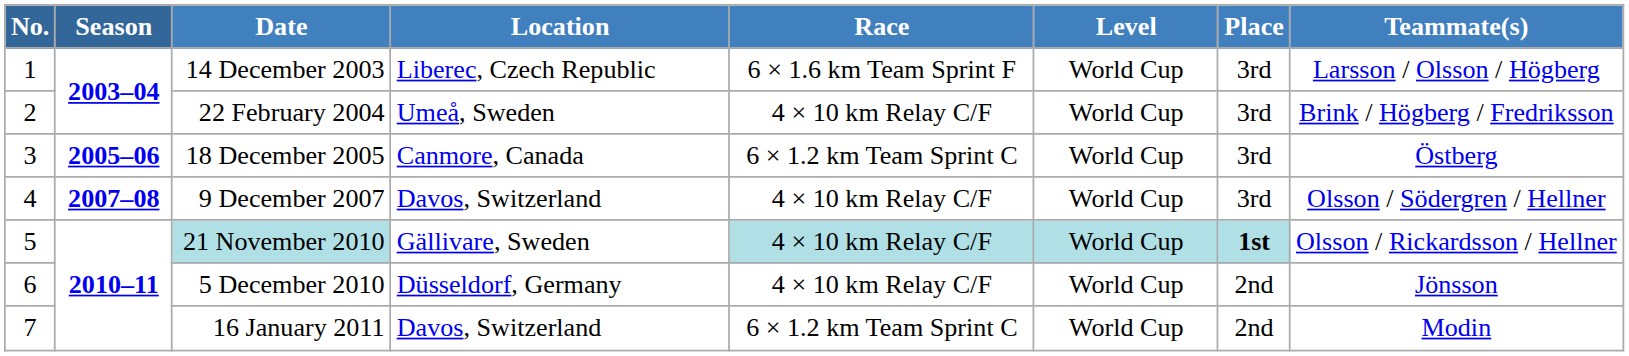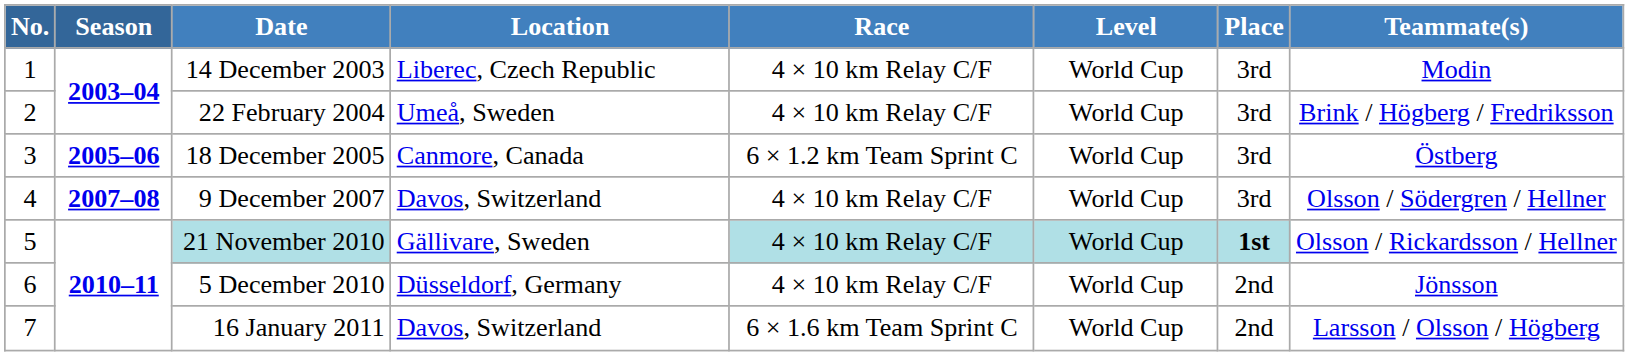 <table class="wikitable sortable" style="font-size:95%; text-align:center; border:grey solid 1px; border-collapse:collapse; background:#ffffff;">
 <tr style="background:#efefef;">
 <th style="background-color:#369; color:white;">No.</th>
 <th style="background-color:#369; color:white;">Season</th>
 <th style="background-color:#4180be; color:white; width:120px;">Date</th>
 <th style="background-color:#4180be; color:white; width:190px;">Location</th>
 <th style="background-color:#4180be; color:white; width:170px;">Race</th>
 <th style="background-color:#4180be; color:white; width:100px;">Level</th>
 <th style="background-color:#4180be; color:white;">Place</th>
 <th style="background-color:#4180be; color:white;">Teammate(s)</th>
 </tr>
 <tr>
 <td align=center>1</td>
 <td rowspan=2 align=center><strong> <a href='#'>2003–04</a> </strong></td>
 <td align=right>14 December 2003</td>
 <td align=left> <a href='#'>Liberec</a>, Czech Republic</td>
-<td>6 × 1.6 km Team Sprint F</td>
+<td>4 × 10 km Relay C/F</td>
 <td>World Cup</td>
 <td>3rd</td>
-<td><a href='#'>Larsson</a> / <a href='#'>Olsson</a> / <a href='#'>Högberg</a></td>
+<td><a href='#'>Modin</a></td>
 </tr>
 <tr>
 <td align=center>2</td>
 <td align=right>22 February 2004</td>
 <td align=left> <a href='#'>Umeå</a>, Sweden</td>
 <td>4 × 10 km Relay C/F</td>
 <td>World Cup</td>
 <td>3rd</td>
 <td><a href='#'>Brink</a> / <a href='#'>Högberg</a> / <a href='#'>Fredriksson</a></td>
 </tr>
 <tr>
 <td align=center>3</td>
 <td rowspan=1 align=center><strong> <a href='#'>2005–06</a> </strong></td>
 <td align=right>18 December 2005</td>
 <td align=left> <a href='#'>Canmore</a>, Canada</td>
 <td>6 × 1.2 km Team Sprint C</td>
 <td>World Cup</td>
 <td>3rd</td>
 <td><a href='#'>Östberg</a></td>
 </tr>
 <tr>
 <td align=center>4</td>
 <td rowspan=1 align=center><strong> <a href='#'>2007–08</a> </strong></td>
 <td align=right>9 December 2007</td>
 <td align=left> <a href='#'>Davos</a>, Switzerland</td>
 <td>4 × 10 km Relay C/F</td>
 <td>World Cup</td>
 <td>3rd</td>
 <td><a href='#'>Olsson</a> / <a href='#'>Södergren</a> / <a href='#'>Hellner</a></td>
 </tr>
 <tr>
 <td align=center>5</td>
 <td rowspan=3 align=center><strong><a href='#'>2010–11</a></strong></td>
 <td bgcolor="#BOEOE6" align=right>21 November 2010</td>
 <td align=left> <a href='#'>Gällivare</a>, Sweden</td>
 <td bgcolor="#BOEOE6">4 × 10 km Relay C/F</td>
 <td bgcolor="#BOEOE6">World Cup</td>
 <td bgcolor="#BOEOE6"><strong>1st</strong></td>
 <td><a href='#'>Olsson</a> / <a href='#'>Rickardsson</a> / <a href='#'>Hellner</a></td>
 </tr>
 <tr>
 <td align=center>6</td>
 <td align=right>5 December 2010</td>
 <td align=left> <a href='#'>Düsseldorf</a>, Germany</td>
 <td>4 × 10 km Relay C/F</td>
 <td>World Cup</td>
 <td>2nd</td>
 <td><a href='#'>Jönsson</a></td>
 </tr>
 <tr>
 <td align=center>7</td>
 <td align=right>16 January 2011</td>
 <td align=left> <a href='#'>Davos</a>, Switzerland</td>
-<td>6 × 1.2 km Team Sprint C</td>
+<td>6 × 1.6 km Team Sprint C</td>
 <td>World Cup</td>
 <td>2nd</td>
-<td><a href='#'>Modin</a></td>
+<td><a href='#'>Larsson</a> / <a href='#'>Olsson</a> / <a href='#'>Högberg</a></td>
 </tr>
 </table>
